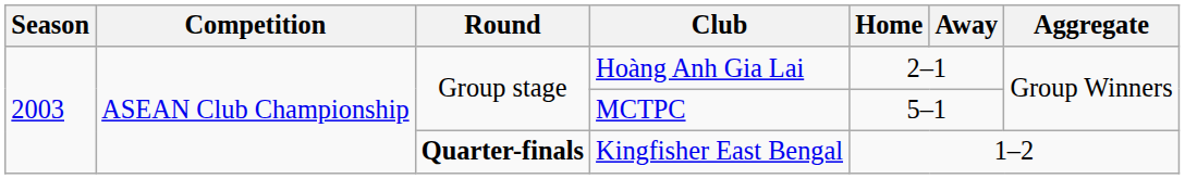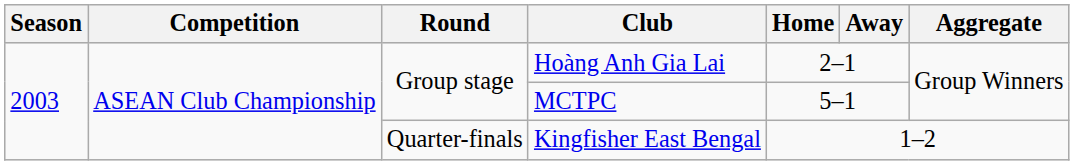 <table class="wikitable">
 <tr>
 <th>Season</th>
 <th>Competition</th>
 <th>Round</th>
 <th>Club</th>
 <th>Home</th>
 <th>Away</th>
 <th>Aggregate</th>
 </tr>
 <tr>
 <td rowspan="3"><a href='#'>2003</a></td>
 <td rowspan="3"><a href='#'>ASEAN Club Championship</a></td>
 <td rowspan="2" style="text-align:center;">Group stage</td>
 <td> <a href='#'>Hoàng Anh Gia Lai</a></td>
 <td colspan=2; style="text-align:center;">2–1</td>
 <td rowspan="2" style="text-align:center;">Group Winners</td>
 </tr>
 <tr>
 <td> <a href='#'>MCTPC</a></td>
 <td colspan=2; style="text-align:center;">5–1</td>
 </tr>
 <tr>
-<td><strong>Quarter-finals</strong></td>
+<td>Quarter-finals</td>
 <td> <a href='#'>Kingfisher East Bengal</a></td>
 <td colspan=3; style="text-align:center;">1–2</td>
 </tr>
 </table>
